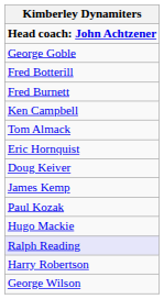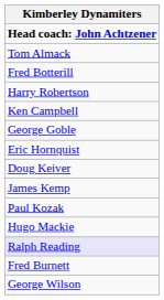 <table class="wikitable">
 <tr>
 <th>Kimberley Dynamiters</th>
 </tr>
 <tr>
 <td><strong>Head coach: <a href='#'>John Achtzener</a></strong></td>
 </tr>
 <tr>
-<td><a href='#'>George Goble</a></td>
+<td><a href='#'>Tom Almack</a></td>
 </tr>
 <tr>
 <td><a href='#'>Fred Botterill</a></td>
 </tr>
 <tr>
-<td><a href='#'>Fred Burnett</a></td>
+<td><a href='#'>Harry Robertson</a></td>
 </tr>
 <tr>
 <td><a href='#'>Ken Campbell</a></td>
 </tr>
 <tr>
-<td><a href='#'>Tom Almack</a></td>
+<td><a href='#'>George Goble</a></td>
 </tr>
 <tr>
 <td><a href='#'>Eric Hornquist</a></td>
 </tr>
 <tr>
 <td><a href='#'>Doug Keiver</a></td>
 </tr>
 <tr>
 <td><a href='#'>James Kemp</a></td>
 </tr>
 <tr>
 <td><a href='#'>Paul Kozak</a></td>
 </tr>
 <tr>
 <td><a href='#'>Hugo Mackie</a></td>
 </tr>
 <tr>
 <td style="background: lavender;"><a href='#'>Ralph Reading</a></td>
 </tr>
 <tr>
-<td><a href='#'>Harry Robertson</a></td>
+<td><a href='#'>Fred Burnett</a></td>
 </tr>
 <tr>
 <td><a href='#'>George Wilson</a></td>
 </tr>
 </table>
